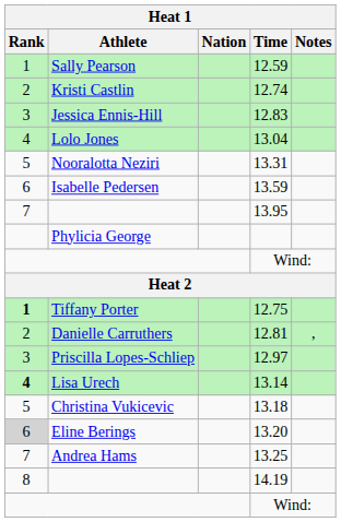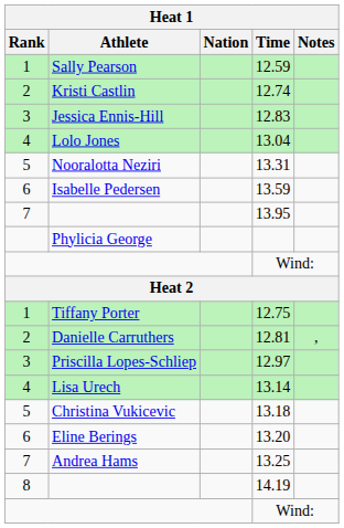 <table class="wikitable" style="text-align:center;">
 <tr>
 <th colspan="5" align="center">Heat 1</th>
 </tr>
 <tr>
 <th scope="col" style="width: 10px;">Rank</th>
 <th scope="col">Athlete</th>
 <th scope="col">Nation</th>
 <th scope="col">Time</th>
 <th scope="col">Notes</th>
 </tr>
 <tr bgcolor=bbf3bb>
 <td>1</td>
 <td align=left><a href='#'>Sally Pearson</a></td>
 <td align=left></td>
 <td>12.59</td>
 <td></td>
 </tr>
 <tr bgcolor=bbf3bb>
 <td>2</td>
 <td align=left><a href='#'>Kristi Castlin</a></td>
 <td align=left></td>
 <td>12.74</td>
 <td></td>
 </tr>
 <tr bgcolor=bbf3bb>
 <td>3</td>
 <td align=left><a href='#'>Jessica Ennis-Hill</a></td>
 <td align=left></td>
 <td>12.83</td>
 <td></td>
 </tr>
 <tr bgcolor=bbf3bb>
 <td>4</td>
 <td align=left><a href='#'>Lolo Jones</a></td>
 <td align=left></td>
 <td>13.04</td>
 <td></td>
 </tr>
 <tr>
 <td>5</td>
 <td align=left><a href='#'>Nooralotta Neziri</a></td>
 <td align=left></td>
 <td>13.31</td>
 <td></td>
 </tr>
 <tr>
 <td>6</td>
 <td align=left><a href='#'>Isabelle Pedersen</a></td>
 <td align=left></td>
 <td>13.59</td>
 <td></td>
 </tr>
 <tr>
 <td>7</td>
 <td align=left></td>
 <td align=left></td>
 <td>13.95</td>
 <td></td>
 </tr>
 <tr>
 <td></td>
 <td align=left><a href='#'>Phylicia George</a></td>
 <td align=left></td>
 <td></td>
 <td></td>
 </tr>
 <tr>
 <td colspan="3" align="center"></td>
 <td colspan="2">Wind: </td>
 </tr>
 <tr>
 <th colspan="5" align="center">Heat 2</th>
 </tr>
 <tr bgcolor=bbf3bb>
-<td><strong>1</strong></td>
+<td>1</td>
 <td align=left><a href='#'>Tiffany Porter</a></td>
 <td align=left></td>
 <td>12.75</td>
 <td></td>
 </tr>
 <tr bgcolor=bbf3bb>
 <td>2</td>
 <td align=left><a href='#'>Danielle Carruthers</a></td>
 <td align=left></td>
 <td>12.81</td>
 <td>, </td>
 </tr>
 <tr bgcolor=bbf3bb>
 <td>3</td>
 <td align=left><a href='#'>Priscilla Lopes-Schliep</a></td>
 <td align=left></td>
 <td>12.97</td>
 <td></td>
 </tr>
 <tr bgcolor=bbf3bb>
-<td><strong>4</strong></td>
+<td>4</td>
 <td align=left><a href='#'>Lisa Urech</a></td>
 <td align=left></td>
 <td>13.14</td>
 <td></td>
 </tr>
 <tr>
 <td>5</td>
 <td align=left><a href='#'>Christina Vukicevic</a></td>
 <td align=left></td>
 <td>13.18</td>
 <td></td>
 </tr>
 <tr>
-<td style="background: lightgrey;">6</td>
+<td>6</td>
 <td align=left><a href='#'>Eline Berings</a></td>
 <td align=left></td>
 <td>13.20</td>
 <td></td>
 </tr>
 <tr class="sortbottom">
 <td>7</td>
 <td align=left><a href='#'>Andrea Hams</a></td>
 <td align=left></td>
 <td>13.25</td>
 <td></td>
 </tr>
 <tr>
 <td>8</td>
 <td align=left></td>
 <td align=left></td>
 <td>14.19</td>
 <td></td>
 </tr>
 <tr>
 <td colspan="3"></td>
 <td colspan="2">Wind: </td>
 </tr>
 </table>
